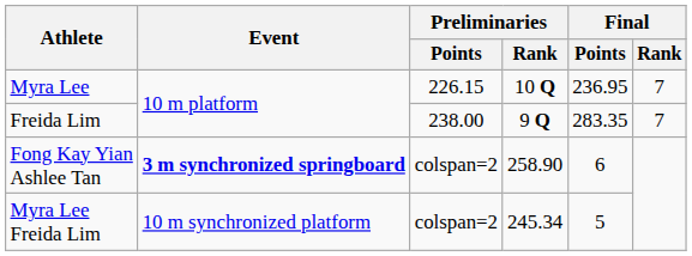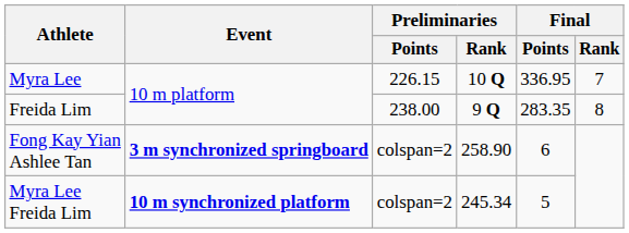 <table class=wikitable style=font-size:90%;text-align:center>
 <tr>
 <th rowspan="2">Athlete</th>
 <th rowspan="2">Event</th>
 <th colspan="2">Preliminaries</th>
 <th colspan="2">Final</th>
 </tr>
 <tr style="font-size:95%">
 <th>Points</th>
 <th>Rank</th>
 <th>Points</th>
 <th>Rank</th>
 </tr>
 <tr>
 <td align=left><a href='#'>Myra Lee</a></td>
 <td align=left rowspan=2><a href='#'>10 m platform</a></td>
 <td>226.15</td>
 <td>10 <strong>Q</strong></td>
-<td>236.95</td>
+<td>336.95</td>
 <td>7</td>
 </tr>
 <tr>
 <td align=left>Freida Lim</td>
 <td>238.00</td>
 <td>9 <strong>Q</strong></td>
 <td>283.35</td>
-<td>7</td>
+<td>8</td>
 </tr>
 <tr>
 <td align=left><a href='#'>Fong Kay Yian</a><br>Ashlee Tan</td>
 <td align=left><strong><a href='#'>3 m synchronized springboard</a></strong></td>
 <td>colspan=2 </td>
 <td>258.90</td>
 <td>6</td>
 </tr>
 <tr>
 <td align=left><a href='#'>Myra Lee</a><br>Freida Lim</td>
-<td align=left><a href='#'>10 m synchronized platform</a></td>
+<td align=left><strong><a href='#'>10 m synchronized platform</a></strong></td>
 <td>colspan=2 </td>
 <td>245.34</td>
 <td>5</td>
 </tr>
 </table>
